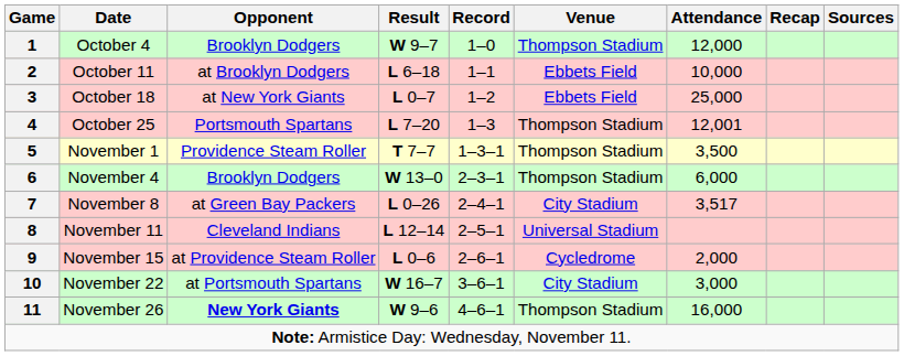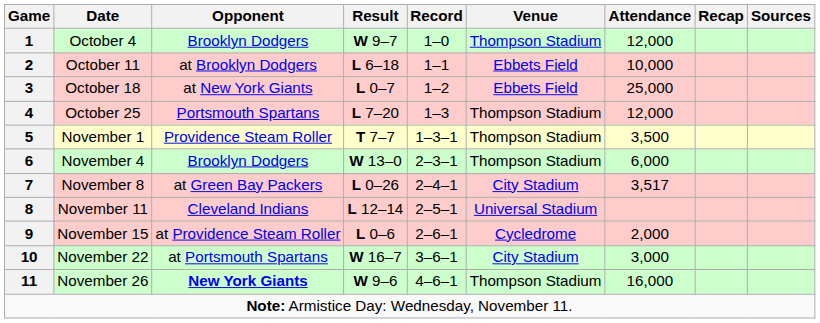 <table class="wikitable" style="text-align:center">
 <tr>
 <th>Game</th>
 <th>Date</th>
 <th>Opponent</th>
 <th>Result</th>
 <th>Record</th>
 <th>Venue</th>
 <th>Attendance</th>
 <th>Recap</th>
 <th>Sources</th>
 </tr>
 <tr style="background:#cfc">
 <th>1</th>
 <td>October 4</td>
 <td><a href='#'>Brooklyn Dodgers</a></td>
 <td><strong>W</strong> 9–7</td>
 <td>1–0</td>
 <td><a href='#'>Thompson Stadium</a></td>
 <td>12,000</td>
 <td></td>
 <td></td>
 </tr>
 <tr style="background:#fcc">
 <th>2</th>
 <td>October 11</td>
 <td>at <a href='#'>Brooklyn Dodgers</a></td>
 <td><strong>L</strong> 6–18</td>
 <td>1–1</td>
 <td><a href='#'>Ebbets Field</a></td>
 <td>10,000</td>
 <td></td>
 <td></td>
 </tr>
 <tr style="background:#fcc">
 <th>3</th>
 <td>October 18</td>
 <td>at <a href='#'>New York Giants</a></td>
 <td><strong>L</strong> 0–7</td>
 <td>1–2</td>
 <td><a href='#'>Ebbets Field</a></td>
 <td>25,000</td>
 <td></td>
 <td></td>
 </tr>
 <tr style="background:#fcc">
 <th>4</th>
 <td>October 25</td>
 <td><a href='#'>Portsmouth Spartans</a></td>
 <td><strong>L</strong> 7–20</td>
 <td>1–3</td>
 <td>Thompson Stadium</td>
-<td>12,001</td>
+<td>12,000</td>
 <td></td>
 <td></td>
 </tr>
 <tr style="background:#ffc">
 <th>5</th>
 <td>November 1</td>
 <td><a href='#'>Providence Steam Roller</a></td>
 <td><strong>T</strong> 7–7</td>
 <td>1–3–1</td>
 <td>Thompson Stadium</td>
 <td>3,500</td>
 <td></td>
 <td></td>
 </tr>
 <tr style="background:#cfc">
 <th>6</th>
 <td>November 4</td>
 <td><a href='#'>Brooklyn Dodgers</a></td>
 <td><strong>W</strong> 13–0</td>
 <td>2–3–1</td>
 <td>Thompson Stadium</td>
 <td>6,000</td>
 <td></td>
 <td></td>
 </tr>
 <tr style="background:#fcc">
 <th>7</th>
 <td>November 8</td>
 <td>at <a href='#'>Green Bay Packers</a></td>
 <td><strong>L</strong> 0–26</td>
 <td>2–4–1</td>
 <td><a href='#'>City Stadium</a></td>
 <td>3,517</td>
 <td></td>
 <td></td>
 </tr>
 <tr style="background:#fcc">
 <th>8</th>
 <td>November 11</td>
 <td><a href='#'>Cleveland Indians</a></td>
 <td><strong>L</strong> 12–14</td>
 <td>2–5–1</td>
 <td><a href='#'>Universal Stadium</a></td>
 <td></td>
 <td></td>
 <td></td>
 </tr>
 <tr style="background:#fcc">
 <th>9</th>
 <td>November 15</td>
 <td>at <a href='#'>Providence Steam Roller</a></td>
 <td><strong>L</strong> 0–6</td>
 <td>2–6–1</td>
 <td><a href='#'>Cycledrome</a></td>
 <td>2,000</td>
 <td></td>
 <td></td>
 </tr>
 <tr style="background:#cfc">
 <th>10</th>
 <td>November 22</td>
 <td>at <a href='#'>Portsmouth Spartans</a></td>
 <td><strong>W</strong> 16–7</td>
 <td>3–6–1</td>
 <td><a href='#'>City Stadium</a></td>
 <td>3,000</td>
 <td></td>
 <td></td>
 </tr>
 <tr style="background:#cfc">
 <th>11</th>
 <td>November 26</td>
 <td><strong><a href='#'>New York Giants</a></strong></td>
 <td><strong>W</strong> 9–6</td>
 <td>4–6–1</td>
 <td>Thompson Stadium</td>
 <td>16,000</td>
 <td></td>
 <td></td>
 </tr>
 <tr>
 <td colspan="10"><strong>Note:</strong> Armistice Day: Wednesday, November 11.</td>
 </tr>
 </table>
